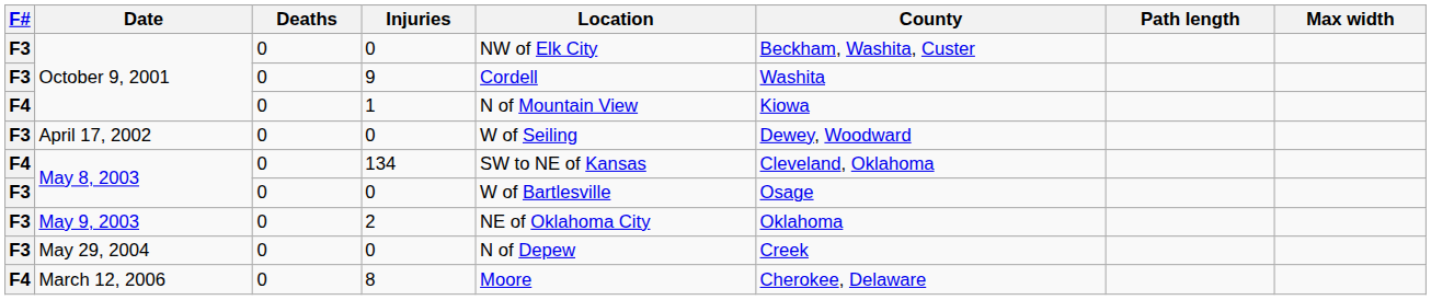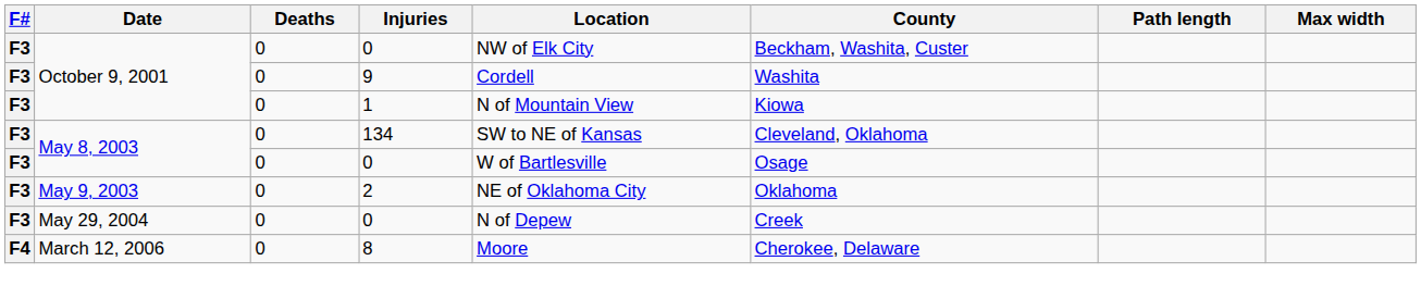 <table class="wikitable sortable">
 <tr>
 <th align="center" width="2%" scope="col"><a href='#'>F#</a></th>
 <th>Date</th>
 <th>Deaths</th>
 <th>Injuries</th>
 <th class="unsortable" align="center" scope="col">Location</th>
 <th class="unsortable" align="center" scope="col">County</th>
 <th align="center" scope="col">Path length</th>
 <th align="center" scope="col">Max width</th>
 </tr>
 <tr>
 <th scope="row" rowspan="1" style="background-color:#">F3</th>
 <td rowspan="3">October 9, 2001</td>
 <td>0</td>
 <td>0</td>
 <td>NW of <a href='#'>Elk City</a></td>
 <td><a href='#'>Beckham</a>, <a href='#'>Washita</a>, <a href='#'>Custer</a></td>
 <td></td>
 <td></td>
 </tr>
 <tr>
 <th scope="row" rowspan="1" style="background-color:#">F3</th>
 <td>0</td>
 <td>9</td>
 <td><a href='#'>Cordell</a></td>
 <td><a href='#'>Washita</a></td>
 <td></td>
 <td></td>
 </tr>
 <tr>
-<th scope="row" rowspan="1" style="background-color:#">F4</th>
+<th scope="row" rowspan="1" style="background-color:#">F3</th>
 <td>0</td>
 <td>1</td>
 <td>N of <a href='#'>Mountain View</a></td>
 <td><a href='#'>Kiowa</a></td>
 <td></td>
 <td></td>
 </tr>
 <tr>
 <th scope="row" rowspan="1" style="background-color:#">F3</th>
-<td>April 17, 2002</td>
-<td>0</td>
-<td>0</td>
-<td>W of <a href='#'>Seiling</a></td>
-<td><a href='#'>Dewey</a>, <a href='#'>Woodward</a></td>
-<td></td>
-<td></td>
-</tr>
-<tr>
-<th scope="row" rowspan="1" style="background-color:#">F4</th>
 <td rowspan="2"><a href='#'>May 8, 2003</a></td>
 <td>0</td>
 <td>134</td>
 <td>SW to NE of <a href='#'>Kansas</a></td>
 <td><a href='#'>Cleveland</a>, <a href='#'>Oklahoma</a></td>
 <td></td>
 <td></td>
 </tr>
 <tr>
 <th scope="row" rowspan="1" style="background-color:#">F3</th>
 <td>0</td>
 <td>0</td>
 <td>W of <a href='#'>Bartlesville</a></td>
 <td><a href='#'>Osage</a></td>
 <td></td>
 <td></td>
 </tr>
 <tr>
 <th scope="row" rowspan="1" style="background-color:#">F3</th>
 <td><a href='#'>May 9, 2003</a></td>
 <td>0</td>
 <td>2</td>
 <td>NE of <a href='#'>Oklahoma City</a></td>
 <td><a href='#'>Oklahoma</a></td>
 <td></td>
 <td></td>
 </tr>
 <tr>
 <th scope="row" rowspan="1" style="background-color:#">F3</th>
 <td>May 29, 2004</td>
 <td>0</td>
 <td>0</td>
 <td>N of <a href='#'>Depew</a></td>
 <td><a href='#'>Creek</a></td>
 <td></td>
 <td></td>
 </tr>
 <tr>
 <th scope="row" rowspan="1" style="background-color:#">F4</th>
 <td>March 12, 2006</td>
 <td>0</td>
 <td>8</td>
 <td><a href='#'>Moore</a></td>
 <td><a href='#'>Cherokee</a>, <a href='#'>Delaware</a></td>
 <td></td>
 <td></td>
 </tr>
 </table>
